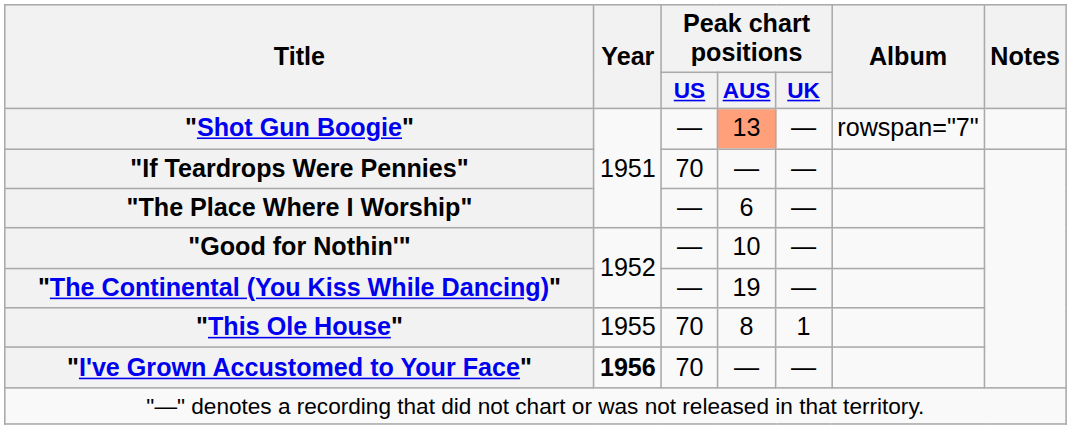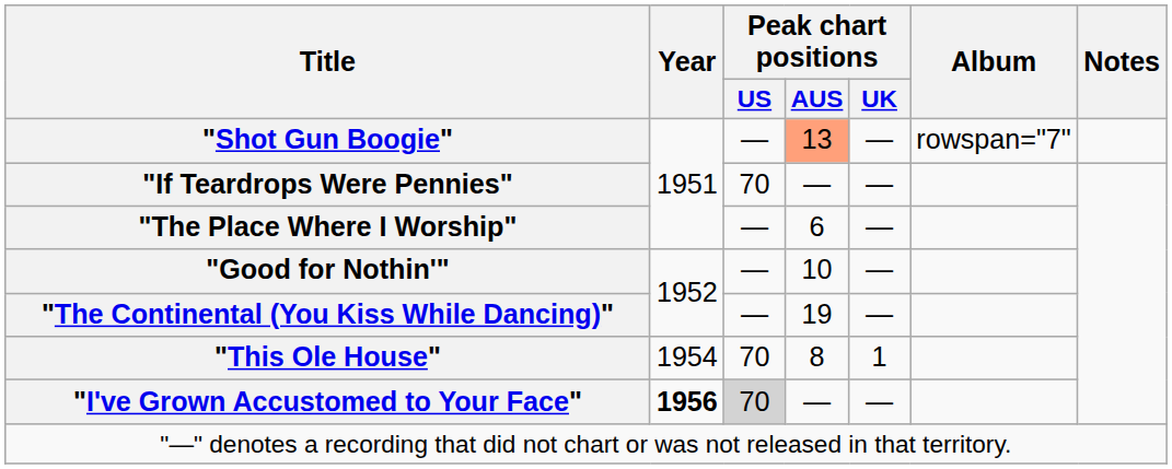 <table class="wikitable plainrowheaders" style="text-align:center;" border="1">
 <tr>
 <th scope="col" rowspan="2" style="width:23em;">Title</th>
 <th scope="col" rowspan="2">Year</th>
 <th scope="col" colspan="3">Peak chart positions</th>
 <th scope="col" rowspan="2">Album</th>
 <th scope="col" rowspan="2">Notes</th>
 </tr>
 <tr>
 <th scope="col" style="width:2em;font-size:90%;"><a href='#'>US</a><br></th>
 <th scope="col" style="width:2em;font-size:90%;"><a href='#'>AUS</a><br></th>
 <th scope="col" style="width:2em;font-size:90%;"><a href='#'>UK</a><br></th>
 </tr>
 <tr>
 <th scope="row">"<a href='#'>Shot Gun Boogie</a>"</th>
 <td rowspan="3">1951</td>
 <td>—</td>
 <td style="background: lightsalmon;">13</td>
 <td>—</td>
 <td>rowspan="7" </td>
 <td></td>
 </tr>
 <tr>
 <th scope="row">"If Teardrops Were Pennies"</th>
 <td>70</td>
 <td>—</td>
 <td>—</td>
 <td></td>
 </tr>
 <tr>
 <th scope="row">"The Place Where I Worship"<br></th>
 <td>—</td>
 <td>6</td>
 <td>—</td>
 <td></td>
 </tr>
 <tr>
 <th scope="row">"Good for Nothin'"<br></th>
 <td rowspan="2">1952</td>
 <td>—</td>
 <td>10</td>
 <td>—</td>
 <td></td>
 </tr>
 <tr>
 <th scope="row">"<a href='#'>The Continental (You Kiss While Dancing)</a>"<br></th>
 <td>—</td>
 <td>19</td>
 <td>—</td>
 <td></td>
 </tr>
 <tr>
 <th scope="row">"<a href='#'>This Ole House</a>"</th>
-<td>1955</td>
+<td>1954</td>
 <td>70</td>
 <td>8</td>
 <td>1</td>
 <td></td>
 </tr>
 <tr>
 <th scope="row">"<a href='#'>I've Grown Accustomed to Your Face</a>"</th>
 <td><strong>1956</strong></td>
-<td>70</td>
+<td style="background: lightgrey;">70</td>
 <td>—</td>
 <td>—</td>
 <td></td>
 </tr>
 <tr>
 <td colspan="7" style="font-size:90%">"—" denotes a recording that did not chart or was not released in that territory.</td>
 </tr>
 </table>
